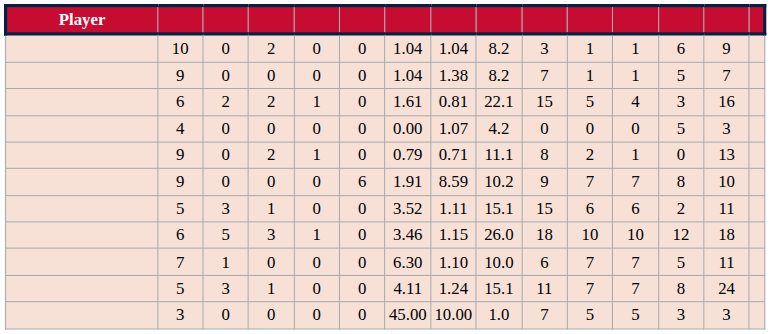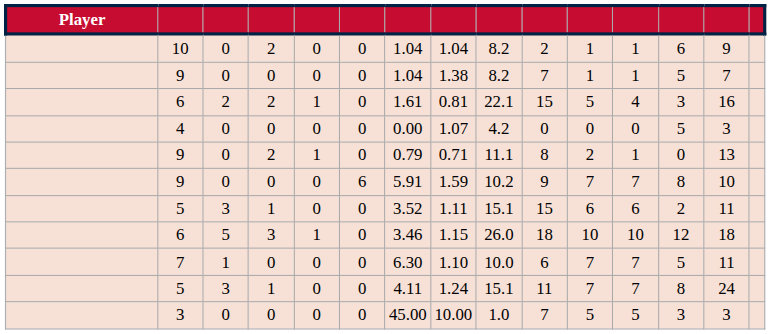 <table class="wikitable sortable">
 <tr>
 <th style="background:#c60c30; width:20%; color:#fff; border-top: 3px solid #024; border-bottom: 3px solid #024; border-left: 3px solid #024;">Player</th>
 <th style="background:#c60c30; width:6%; color:#fff; border-top: 3px solid #024; border-bottom: 3px solid #024;"></th>
 <th style="background:#c60c30; width:6%; color:#fff; border-top: 3px solid #024; border-bottom: 3px solid #024;"></th>
 <th style="background:#c60c30; width:6%; color:#fff; border-top: 3px solid #024; border-bottom: 3px solid #024;"></th>
 <th style="background:#c60c30; width:6%; color:#fff; border-top: 3px solid #024; border-bottom: 3px solid #024;"></th>
 <th style="background:#c60c30; width:6%; color:#fff; border-top: 3px solid #024; border-bottom: 3px solid #024;"></th>
 <th style="background:#c60c30; width:6%; color:#fff; border-top: 3px solid #024; border-bottom: 3px solid #024;"></th>
 <th style="background:#c60c30; width:6%; color:#fff; border-top: 3px solid #024; border-bottom: 3px solid #024;"></th>
 <th style="background:#c60c30; width:6%; color:#fff; border-top: 3px solid #024; border-bottom: 3px solid #024;"></th>
 <th style="background:#c60c30; width:6%; color:#fff; border-top: 3px solid #024; border-bottom: 3px solid #024;"></th>
 <th style="background:#c60c30; width:6%; color:#fff; border-top: 3px solid #024; border-bottom: 3px solid #024;"></th>
 <th style="background:#c60c30; width:6%; color:#fff; border-top: 3px solid #024; border-bottom: 3px solid #024;"></th>
 <th style="background:#c60c30; width:6%; color:#fff; border-top: 3px solid #024; border-bottom: 3px solid #024;"></th>
 <th style="background:#c60c30; width:6%; color:#fff; border-top: 3px solid #024; border-bottom: 3px solid #024;"></th>
 <th style="background:#c60c30; width:6%; color:#fff; border-top: 3px solid #024; border-bottom: 3px solid #024; border-right: 3px solid #024;"></th>
 </tr>
 <tr style="text-align:center; background:#f7e1d7;">
 <td></td>
 <td>10</td>
 <td>0</td>
 <td>2</td>
 <td>0</td>
 <td>0</td>
 <td>1.04</td>
 <td>1.04</td>
 <td>8.2</td>
-<td>3</td>
+<td>2</td>
 <td>1</td>
 <td>1</td>
 <td>6</td>
 <td>9</td>
 <td></td>
 </tr>
 <tr style="text-align:center; background:#f7e1d7;">
 <td></td>
 <td>9</td>
 <td>0</td>
 <td>0</td>
 <td>0</td>
 <td>0</td>
 <td>1.04</td>
 <td>1.38</td>
 <td>8.2</td>
 <td>7</td>
 <td>1</td>
 <td>1</td>
 <td>5</td>
 <td>7</td>
 <td></td>
 </tr>
 <tr style="text-align:center; background:#f7e1d7;">
 <td></td>
 <td>6</td>
 <td>2</td>
 <td>2</td>
 <td>1</td>
 <td>0</td>
 <td>1.61</td>
 <td>0.81</td>
 <td>22.1</td>
 <td>15</td>
 <td>5</td>
 <td>4</td>
 <td>3</td>
 <td>16</td>
 <td></td>
 </tr>
 <tr style="text-align:center; background:#f7e1d7;">
 <td></td>
 <td>4</td>
 <td>0</td>
 <td>0</td>
 <td>0</td>
 <td>0</td>
 <td>0.00</td>
 <td>1.07</td>
 <td>4.2</td>
 <td>0</td>
 <td>0</td>
 <td>0</td>
 <td>5</td>
 <td>3</td>
 <td></td>
 </tr>
 <tr style="text-align:center; background:#f7e1d7;">
 <td></td>
 <td>9</td>
 <td>0</td>
 <td>2</td>
 <td>1</td>
 <td>0</td>
 <td>0.79</td>
 <td>0.71</td>
 <td>11.1</td>
 <td>8</td>
 <td>2</td>
 <td>1</td>
 <td>0</td>
 <td>13</td>
 <td></td>
 </tr>
 <tr style="text-align:center; background:#f7e1d7;">
 <td></td>
 <td>9</td>
 <td>0</td>
 <td>0</td>
 <td>0</td>
 <td>6</td>
-<td>1.91</td>
-<td>8.59</td>
+<td>5.91</td>
+<td>1.59</td>
 <td>10.2</td>
 <td>9</td>
 <td>7</td>
 <td>7</td>
 <td>8</td>
 <td>10</td>
 <td></td>
 </tr>
 <tr style="text-align:center; background:#f7e1d7;">
 <td></td>
 <td>5</td>
 <td>3</td>
 <td>1</td>
 <td>0</td>
 <td>0</td>
 <td>3.52</td>
 <td>1.11</td>
 <td>15.1</td>
 <td>15</td>
 <td>6</td>
 <td>6</td>
 <td>2</td>
 <td>11</td>
 <td></td>
 </tr>
 <tr style="text-align:center; background:#f7e1d7;">
 <td></td>
 <td>6</td>
 <td>5</td>
 <td>3</td>
 <td>1</td>
 <td>0</td>
 <td>3.46</td>
 <td>1.15</td>
 <td>26.0</td>
 <td>18</td>
 <td>10</td>
 <td>10</td>
 <td>12</td>
 <td>18</td>
 <td></td>
 </tr>
 <tr style="text-align:center; background:#f7e1d7;">
 <td></td>
 <td>7</td>
 <td>1</td>
 <td>0</td>
 <td>0</td>
 <td>0</td>
 <td>6.30</td>
 <td>1.10</td>
 <td>10.0</td>
 <td>6</td>
 <td>7</td>
 <td>7</td>
 <td>5</td>
 <td>11</td>
 <td></td>
 </tr>
 <tr style="text-align:center; background:#f7e1d7;">
 <td></td>
 <td>5</td>
 <td>3</td>
 <td>1</td>
 <td>0</td>
 <td>0</td>
 <td>4.11</td>
 <td>1.24</td>
 <td>15.1</td>
 <td>11</td>
 <td>7</td>
 <td>7</td>
 <td>8</td>
 <td>24</td>
 <td></td>
 </tr>
 <tr style="text-align:center; background:#f7e1d7;">
 <td></td>
 <td>3</td>
 <td>0</td>
 <td>0</td>
 <td>0</td>
 <td>0</td>
 <td>45.00</td>
 <td>10.00</td>
 <td>1.0</td>
 <td>7</td>
 <td>5</td>
 <td>5</td>
 <td>3</td>
 <td>3</td>
 <td></td>
 </tr>
 </table>
